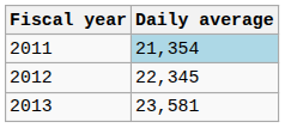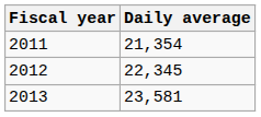 <table class="wikitable">
 <tr>
 <th>Fiscal year</th>
 <th>Daily average</th>
 </tr>
 <tr>
 <td>2011</td>
-<td style="background: lightblue;">21,354</td>
+<td>21,354</td>
 </tr>
 <tr>
 <td>2012</td>
 <td>22,345</td>
 </tr>
 <tr>
 <td>2013</td>
 <td>23,581</td>
 </tr>
 </table>
